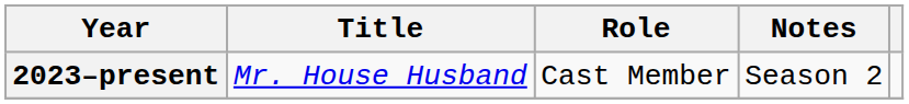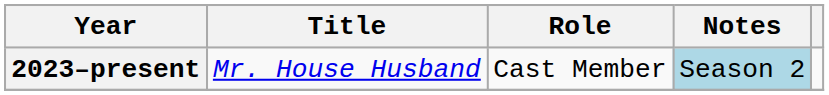 <table class="wikitable sortable plainrowheaders">
 <tr>
 <th scope="col">Year</th>
 <th scope="col">Title</th>
 <th scope="col">Role</th>
 <th scope="col" class="unsortable">Notes</th>
 <th scope="col" class="unsortable"></th>
 </tr>
 <tr>
 <th scope="row">2023–present</th>
 <td><em><a href='#'>Mr. House Husband</a></em></td>
 <td>Cast Member</td>
-<td>Season 2</td>
+<td style="background: lightblue;">Season 2</td>
 <td></td>
 </tr>
 <tr>
 </tr>
 </table>
